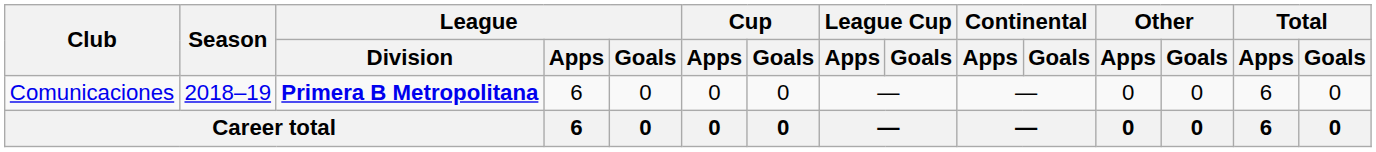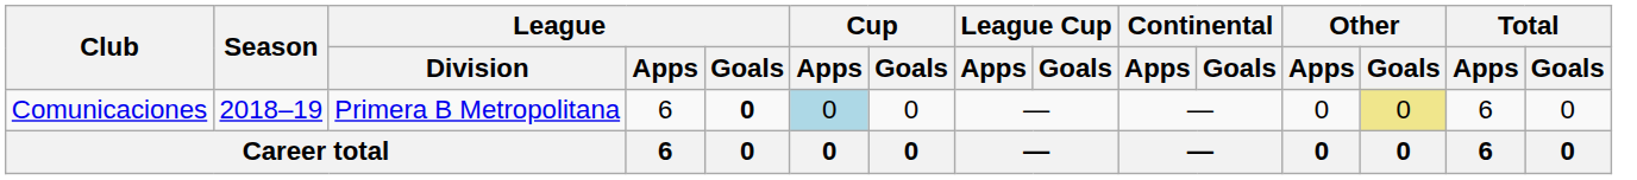 <table class="wikitable" style="text-align:center">
 <tr>
 <th rowspan="2">Club</th>
 <th rowspan="2">Season</th>
 <th colspan="3">League</th>
 <th colspan="2">Cup</th>
 <th colspan="2">League Cup</th>
 <th colspan="2">Continental</th>
 <th colspan="2">Other</th>
 <th colspan="2">Total</th>
 </tr>
 <tr>
 <th>Division</th>
 <th>Apps</th>
 <th>Goals</th>
 <th>Apps</th>
 <th>Goals</th>
 <th>Apps</th>
 <th>Goals</th>
 <th>Apps</th>
 <th>Goals</th>
 <th>Apps</th>
 <th>Goals</th>
 <th>Apps</th>
 <th>Goals</th>
 </tr>
 <tr>
 <td rowspan="1"><a href='#'>Comunicaciones</a></td>
 <td><a href='#'>2018–19</a></td>
-<td rowspan="1"><strong><a href='#'>Primera B Metropolitana</a></strong></td>
+<td rowspan="1"><a href='#'>Primera B Metropolitana</a></td>
 <td>6</td>
-<td>0</td>
-<td>0</td>
+<td><strong>0</strong></td>
+<td style="background: lightblue;">0</td>
 <td>0</td>
 <td colspan="2">—</td>
 <td colspan="2">—</td>
 <td>0</td>
-<td>0</td>
+<td style="background: khaki;">0</td>
 <td>6</td>
 <td>0</td>
 </tr>
 <tr>
 <th colspan="3">Career total</th>
 <th>6</th>
 <th>0</th>
 <th>0</th>
 <th>0</th>
 <th colspan="2">—</th>
 <th colspan="2">—</th>
 <th>0</th>
 <th>0</th>
 <th>6</th>
 <th>0</th>
 </tr>
 </table>
